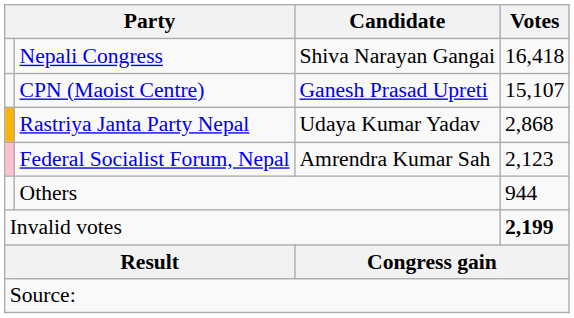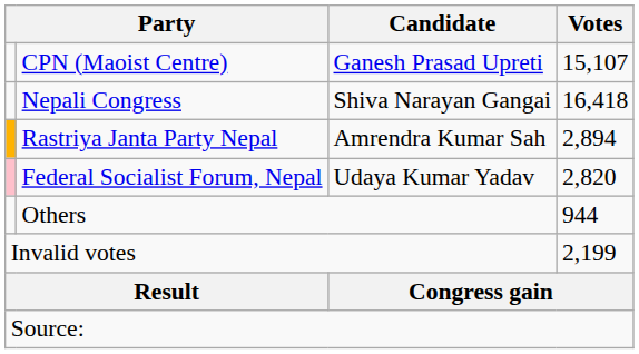 <table class="wikitable">
 <tr>
 <th colspan="2">Party</th>
 <th>Candidate</th>
 <th>Votes</th>
 </tr>
 <tr>
 <td style="background-color:"></td>
+<td><a href='#'>CPN (Maoist Centre)</a></td>
+<td><a href='#'>Ganesh Prasad Upreti</a></td>
+<td>15,107</td>
+</tr>
+<tr>
+<td style="background-color:"></td>
 <td><a href='#'>Nepali Congress</a></td>
 <td>Shiva Narayan Gangai</td>
 <td>16,418</td>
 </tr>
 <tr>
-<td style="background-color:"></td>
-<td><a href='#'>CPN (Maoist Centre)</a></td>
-<td><a href='#'>Ganesh Prasad Upreti</a></td>
-<td>15,107</td>
-</tr>
-<tr>
 <td style="background-color:#ffb300"></td>
 <td><a href='#'>Rastriya Janta Party Nepal</a></td>
-<td>Udaya Kumar Yadav</td>
-<td>2,868</td>
+<td>Amrendra Kumar Sah</td>
+<td>2,894</td>
 </tr>
 <tr>
 <td style="background-color:pink"></td>
 <td><a href='#'>Federal Socialist Forum, Nepal</a></td>
-<td>Amrendra Kumar Sah</td>
-<td>2,123</td>
+<td>Udaya Kumar Yadav</td>
+<td>2,820</td>
 </tr>
 <tr>
 <td></td>
 <td colspan="2">Others</td>
 <td>944</td>
 </tr>
 <tr>
 <td colspan="3">Invalid votes</td>
-<td><strong>2,199</strong></td>
+<td>2,199</td>
 </tr>
 <tr>
 <th colspan="2">Result</th>
 <th colspan="2">Congress gain</th>
 </tr>
 <tr>
 <td colspan="4">Source: </td>
 </tr>
 </table>
